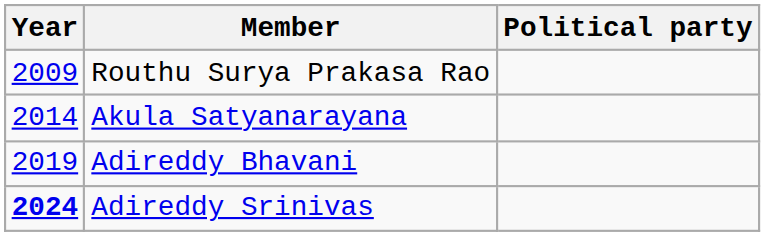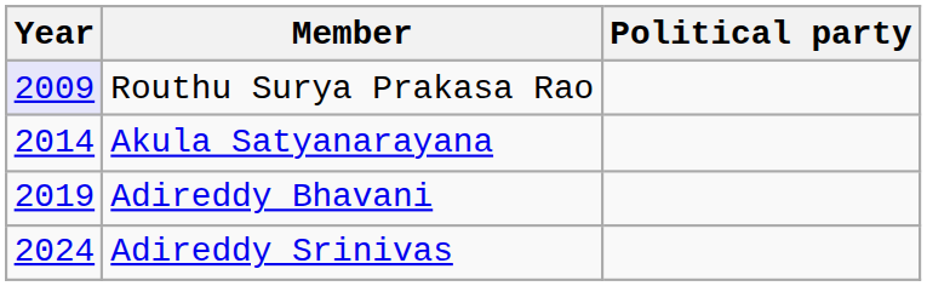 <table class="wikitable sortable">
 <tr>
 <th>Year</th>
 <th>Member</th>
 <th colspan="2">Political party</th>
 </tr>
 <tr>
-<td><a href='#'>2009</a></td>
+<td style="background: lavender;"><a href='#'>2009</a></td>
 <td>Routhu Surya Prakasa Rao</td>
 <td></td>
 </tr>
 <tr>
 <td><a href='#'>2014</a></td>
 <td><a href='#'>Akula Satyanarayana</a></td>
 <td></td>
 </tr>
 <tr>
 <td><a href='#'>2019</a></td>
 <td><a href='#'>Adireddy Bhavani</a></td>
 <td></td>
 </tr>
 <tr>
-<td><strong><a href='#'>2024</a></strong></td>
+<td><a href='#'>2024</a></td>
 <td><a href='#'>Adireddy Srinivas</a></td>
 </tr>
 </table>
